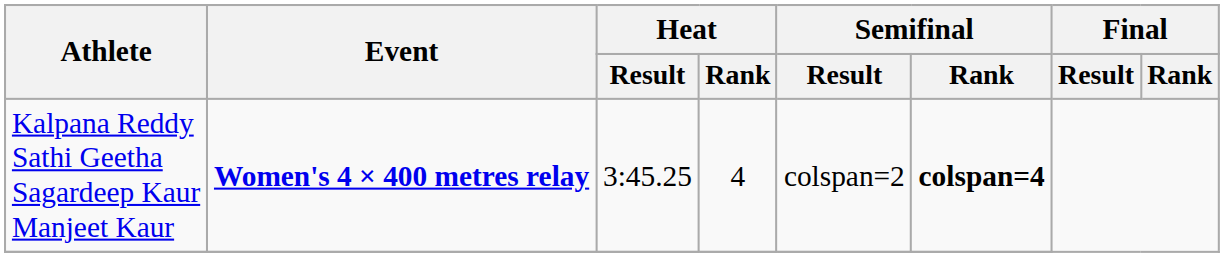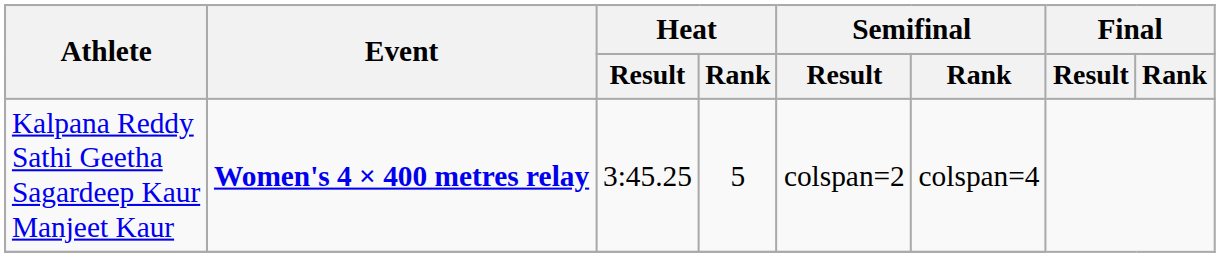 <table class="wikitable" style="font-size:90%">
 <tr>
 <th rowspan="2">Athlete</th>
 <th rowspan="2">Event</th>
 <th colspan="2">Heat</th>
 <th colspan="2">Semifinal</th>
 <th colspan="2">Final</th>
 </tr>
 <tr style="font-size:95%">
 <th>Result</th>
 <th>Rank</th>
 <th>Result</th>
 <th>Rank</th>
 <th>Result</th>
 <th>Rank</th>
 </tr>
 <tr>
 <td><a href='#'>Kalpana Reddy</a><br><a href='#'>Sathi Geetha</a><br><a href='#'>Sagardeep Kaur</a><br><a href='#'>Manjeet Kaur</a></td>
 <td><strong><a href='#'>Women's 4 × 400 metres relay</a></strong></td>
 <td align="center">3:45.25</td>
-<td align="center">4</td>
+<td align="center">5</td>
 <td>colspan=2 </td>
-<td><strong>colspan=4 </strong></td>
+<td>colspan=4 </td>
 </tr>
 <tr style=text-align:center>
 </tr>
 </table>
